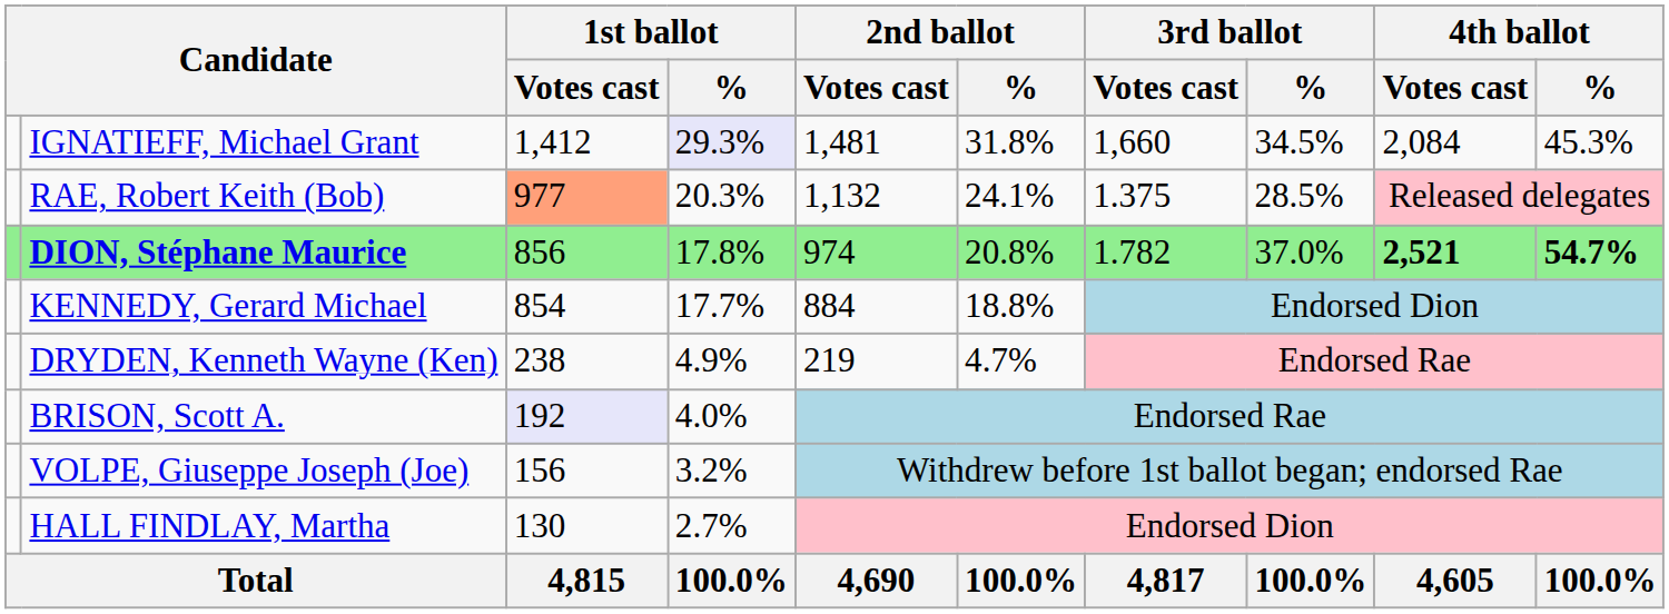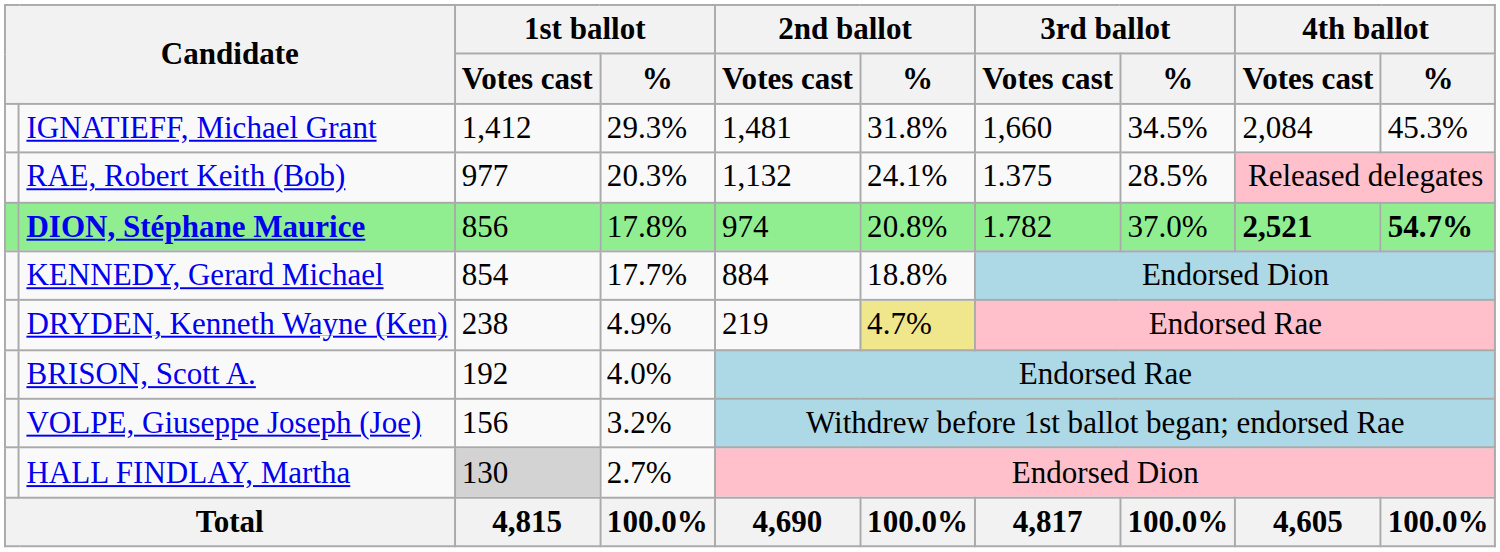 <table class="wikitable">
 <tr>
 <th rowspan="2" colspan="2">Candidate</th>
 <th colspan="2">1st ballot</th>
 <th colspan="2">2nd ballot</th>
 <th colspan="2">3rd ballot</th>
 <th colspan="2">4th ballot</th>
 </tr>
 <tr>
 <th>Votes cast</th>
 <th>%</th>
 <th>Votes cast</th>
 <th>%</th>
 <th>Votes cast</th>
 <th>%</th>
 <th>Votes cast</th>
 <th>%</th>
 </tr>
 <tr>
 <td></td>
 <td><a href='#'>IGNATIEFF, Michael Grant</a></td>
 <td>1,412</td>
-<td style="background: lavender;">29.3%</td>
+<td>29.3%</td>
 <td>1,481</td>
 <td>31.8%</td>
 <td>1,660</td>
 <td>34.5%</td>
 <td>2,084</td>
 <td>45.3%</td>
 </tr>
 <tr>
 <td></td>
 <td><a href='#'>RAE, Robert Keith (Bob)</a></td>
-<td style="background: lightsalmon;">977</td>
+<td>977</td>
 <td>20.3%</td>
 <td>1,132</td>
 <td>24.1%</td>
 <td>1.375</td>
 <td>28.5%</td>
 <td style="text-align:center; background:pink;" colspan="2">Released delegates</td>
 </tr>
 <tr style="background:lightgreen;">
 <td></td>
 <td><strong><a href='#'>DION, Stéphane Maurice</a></strong></td>
 <td>856</td>
 <td>17.8%</td>
 <td>974</td>
 <td>20.8%</td>
 <td>1.782</td>
 <td>37.0%</td>
 <td><strong>2,521</strong></td>
 <td><strong>54.7%</strong></td>
 </tr>
 <tr>
 <td></td>
 <td><a href='#'>KENNEDY, Gerard Michael</a></td>
 <td>854</td>
 <td>17.7%</td>
 <td>884</td>
 <td>18.8%</td>
 <td style="text-align:center; background:lightblue;" colspan="4">Endorsed Dion</td>
 </tr>
 <tr>
 <td></td>
 <td><a href='#'>DRYDEN, Kenneth Wayne (Ken)</a></td>
 <td>238</td>
 <td>4.9%</td>
 <td>219</td>
-<td>4.7%</td>
+<td style="background: khaki;">4.7%</td>
 <td style="text-align:center; background:pink;" colspan="4">Endorsed Rae</td>
 </tr>
 <tr>
 <td></td>
 <td><a href='#'>BRISON, Scott A.</a></td>
-<td style="background: lavender;">192</td>
+<td>192</td>
 <td>4.0%</td>
 <td style="text-align:center; background:lightblue;" colspan="6">Endorsed Rae</td>
 </tr>
 <tr>
 <td></td>
 <td><a href='#'>VOLPE, Giuseppe Joseph (Joe)</a></td>
 <td>156</td>
 <td>3.2%</td>
 <td style="text-align:center; background:lightblue;" colspan="6">Withdrew before 1st ballot began; endorsed Rae</td>
 </tr>
 <tr>
 <td></td>
 <td><a href='#'>HALL FINDLAY, Martha</a></td>
-<td>130</td>
+<td style="background: lightgrey;">130</td>
 <td>2.7%</td>
 <td style="text-align:center; background:pink;" colspan="6">Endorsed Dion</td>
 </tr>
 <tr>
 <th colspan="2">Total</th>
 <th>4,815</th>
 <th>100.0%</th>
 <th>4,690</th>
 <th>100.0%</th>
 <th>4,817</th>
 <th>100.0%</th>
 <th>4,605</th>
 <th>100.0%</th>
 </tr>
 </table>
